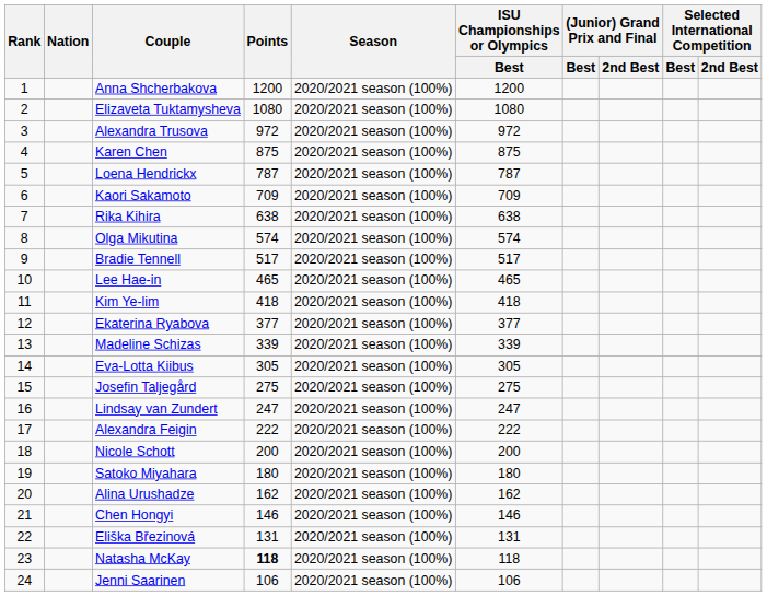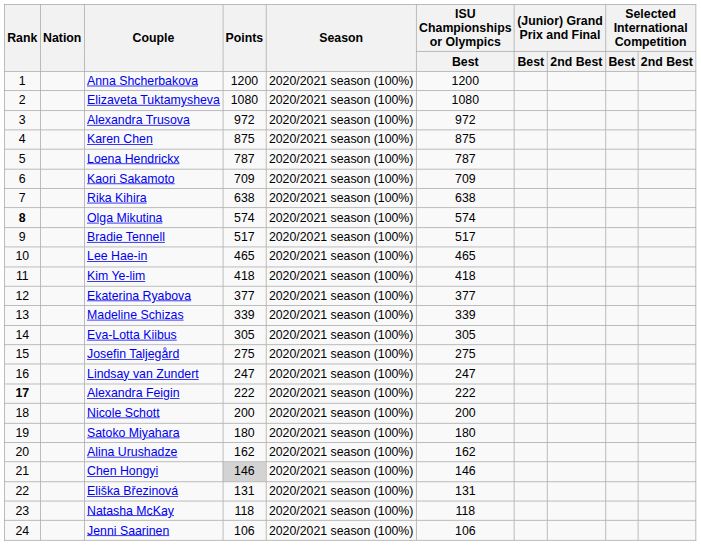 <table class="wikitable sortable" style="text-align: center;">
 <tr>
 <th rowspan="2">Rank</th>
 <th rowspan="2">Nation</th>
 <th rowspan="2">Couple</th>
 <th rowspan="2">Points</th>
 <th rowspan="2">Season</th>
 <th>ISU <br> Championships <br> or Olympics</th>
 <th colspan="2">(Junior) Grand <br> Prix and Final</th>
 <th colspan="2">Selected <br> International <br> Competition</th>
 </tr>
 <tr>
 <th>Best</th>
 <th>Best</th>
 <th>2nd Best</th>
 <th>Best</th>
 <th>2nd Best</th>
 </tr>
 <tr>
 <td>1</td>
 <td style="text-align: left;"></td>
 <td style="text-align: left;"><a href='#'>Anna Shcherbakova</a></td>
 <td>1200</td>
 <td style="text-align: left;">2020/2021 season (100%)</td>
 <td>1200</td>
 <td></td>
 <td></td>
 <td></td>
 <td></td>
 </tr>
 <tr>
 <td>2</td>
 <td style="text-align: left;"></td>
 <td style="text-align: left;"><a href='#'>Elizaveta Tuktamysheva</a></td>
 <td>1080</td>
 <td style="text-align: left;">2020/2021 season (100%)</td>
 <td>1080</td>
 <td></td>
 <td></td>
 <td></td>
 <td></td>
 </tr>
 <tr>
 <td>3</td>
 <td style="text-align: left;"></td>
 <td style="text-align: left;"><a href='#'>Alexandra Trusova</a></td>
 <td>972</td>
 <td style="text-align: left;">2020/2021 season (100%)</td>
 <td>972</td>
 <td></td>
 <td></td>
 <td></td>
 <td></td>
 </tr>
 <tr>
 <td>4</td>
 <td style="text-align: left;"></td>
 <td style="text-align: left;"><a href='#'>Karen Chen</a></td>
 <td>875</td>
 <td style="text-align: left;">2020/2021 season (100%)</td>
 <td>875</td>
 <td></td>
 <td></td>
 <td></td>
 <td></td>
 </tr>
 <tr>
 <td>5</td>
 <td style="text-align: left;"></td>
 <td style="text-align: left;"><a href='#'>Loena Hendrickx</a></td>
 <td>787</td>
 <td style="text-align: left;">2020/2021 season (100%)</td>
 <td>787</td>
 <td></td>
 <td></td>
 <td></td>
 <td></td>
 </tr>
 <tr>
 <td>6</td>
 <td style="text-align: left;"></td>
 <td style="text-align: left;"><a href='#'>Kaori Sakamoto</a></td>
 <td>709</td>
 <td style="text-align: left;">2020/2021 season (100%)</td>
 <td>709</td>
 <td></td>
 <td></td>
 <td></td>
 <td></td>
 </tr>
 <tr>
 <td>7</td>
 <td style="text-align: left;"></td>
 <td style="text-align: left;"><a href='#'>Rika Kihira</a></td>
 <td>638</td>
 <td style="text-align: left;">2020/2021 season (100%)</td>
 <td>638</td>
 <td></td>
 <td></td>
 <td></td>
 <td></td>
 </tr>
 <tr>
-<td>8</td>
+<td><strong>8</strong></td>
 <td style="text-align: left;"></td>
 <td style="text-align: left;"><a href='#'>Olga Mikutina</a></td>
 <td>574</td>
 <td style="text-align: left;">2020/2021 season (100%)</td>
 <td>574</td>
 <td></td>
 <td></td>
 <td></td>
 <td></td>
 </tr>
 <tr>
 <td>9</td>
 <td style="text-align: left;"></td>
 <td style="text-align: left;"><a href='#'>Bradie Tennell</a></td>
 <td>517</td>
 <td style="text-align: left;">2020/2021 season (100%)</td>
 <td>517</td>
 <td></td>
 <td></td>
 <td></td>
 <td></td>
 </tr>
 <tr>
 <td>10</td>
 <td style="text-align: left;"></td>
 <td style="text-align: left;"><a href='#'>Lee Hae-in</a></td>
 <td>465</td>
 <td style="text-align: left;">2020/2021 season (100%)</td>
 <td>465</td>
 <td></td>
 <td></td>
 <td></td>
 <td></td>
 </tr>
 <tr>
 <td>11</td>
 <td style="text-align: left;"></td>
 <td style="text-align: left;"><a href='#'>Kim Ye-lim</a></td>
 <td>418</td>
 <td style="text-align: left;">2020/2021 season (100%)</td>
 <td>418</td>
 <td></td>
 <td></td>
 <td></td>
 <td></td>
 </tr>
 <tr>
 <td>12</td>
 <td style="text-align: left;"></td>
 <td style="text-align: left;"><a href='#'>Ekaterina Ryabova</a></td>
 <td>377</td>
 <td style="text-align: left;">2020/2021 season (100%)</td>
 <td>377</td>
 <td></td>
 <td></td>
 <td></td>
 <td></td>
 </tr>
 <tr>
 <td>13</td>
 <td style="text-align: left;"></td>
 <td style="text-align: left;"><a href='#'>Madeline Schizas</a></td>
 <td>339</td>
 <td style="text-align: left;">2020/2021 season (100%)</td>
 <td>339</td>
 <td></td>
 <td></td>
 <td></td>
 <td></td>
 </tr>
 <tr>
 <td>14</td>
 <td style="text-align: left;"></td>
 <td style="text-align: left;"><a href='#'>Eva-Lotta Kiibus</a></td>
 <td>305</td>
 <td style="text-align: left;">2020/2021 season (100%)</td>
 <td>305</td>
 <td></td>
 <td></td>
 <td></td>
 <td></td>
 </tr>
 <tr>
 <td>15</td>
 <td style="text-align: left;"></td>
 <td style="text-align: left;"><a href='#'>Josefin Taljegård</a></td>
 <td>275</td>
 <td style="text-align: left;">2020/2021 season (100%)</td>
 <td>275</td>
 <td></td>
 <td></td>
 <td></td>
 <td></td>
 </tr>
 <tr>
 <td>16</td>
 <td style="text-align: left;"></td>
 <td style="text-align: left;"><a href='#'>Lindsay van Zundert</a></td>
 <td>247</td>
 <td style="text-align: left;">2020/2021 season (100%)</td>
 <td>247</td>
 <td></td>
 <td></td>
 <td></td>
 <td></td>
 </tr>
 <tr>
-<td>17</td>
+<td><strong>17</strong></td>
 <td style="text-align: left;"></td>
 <td style="text-align: left;"><a href='#'>Alexandra Feigin</a></td>
 <td>222</td>
 <td style="text-align: left;">2020/2021 season (100%)</td>
 <td>222</td>
 <td></td>
 <td></td>
 <td></td>
 <td></td>
 </tr>
 <tr>
 <td>18</td>
 <td style="text-align: left;"></td>
 <td style="text-align: left;"><a href='#'>Nicole Schott</a></td>
 <td>200</td>
 <td style="text-align: left;">2020/2021 season (100%)</td>
 <td>200</td>
 <td></td>
 <td></td>
 <td></td>
 <td></td>
 </tr>
 <tr>
 <td>19</td>
 <td style="text-align: left;"></td>
 <td style="text-align: left;"><a href='#'>Satoko Miyahara</a></td>
 <td>180</td>
 <td style="text-align: left;">2020/2021 season (100%)</td>
 <td>180</td>
 <td></td>
 <td></td>
 <td></td>
 <td></td>
 </tr>
 <tr>
 <td>20</td>
 <td style="text-align: left;"></td>
 <td style="text-align: left;"><a href='#'>Alina Urushadze</a></td>
 <td>162</td>
 <td style="text-align: left;">2020/2021 season (100%)</td>
 <td>162</td>
 <td></td>
 <td></td>
 <td></td>
 <td></td>
 </tr>
 <tr>
 <td>21</td>
 <td style="text-align: left;"></td>
 <td style="text-align: left;"><a href='#'>Chen Hongyi</a></td>
-<td>146</td>
+<td style="background: lightgrey;">146</td>
 <td style="text-align: left;">2020/2021 season (100%)</td>
 <td>146</td>
 <td></td>
 <td></td>
 <td></td>
 <td></td>
 </tr>
 <tr>
 <td>22</td>
 <td style="text-align: left;"></td>
 <td style="text-align: left;"><a href='#'>Eliška Březinová</a></td>
 <td>131</td>
 <td style="text-align: left;">2020/2021 season (100%)</td>
 <td>131</td>
 <td></td>
 <td></td>
 <td></td>
 <td></td>
 </tr>
 <tr>
 <td>23</td>
 <td style="text-align: left;"></td>
 <td style="text-align: left;"><a href='#'>Natasha McKay</a></td>
-<td><strong>118</strong></td>
+<td>118</td>
 <td style="text-align: left;">2020/2021 season (100%)</td>
 <td>118</td>
 <td></td>
 <td></td>
 <td></td>
 <td></td>
 </tr>
 <tr>
 <td>24</td>
 <td style="text-align: left;"></td>
 <td style="text-align: left;"><a href='#'>Jenni Saarinen</a></td>
 <td>106</td>
 <td style="text-align: left;">2020/2021 season (100%)</td>
 <td>106</td>
 <td></td>
 <td></td>
 <td></td>
 <td></td>
 </tr>
 </table>
